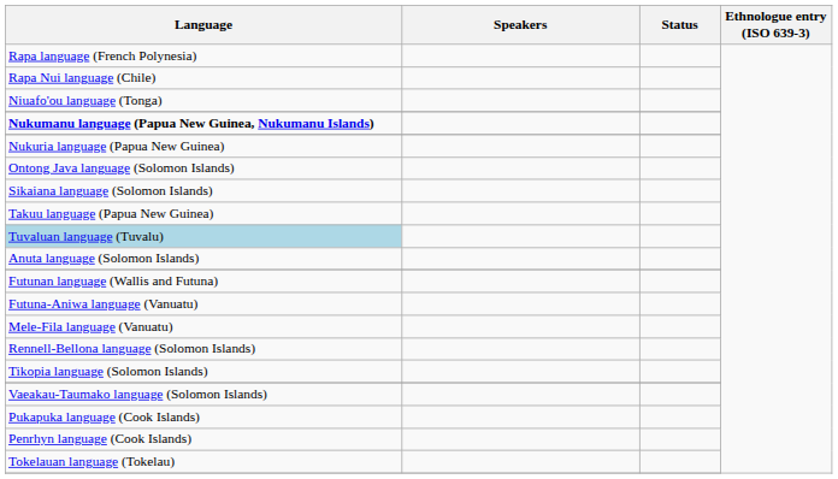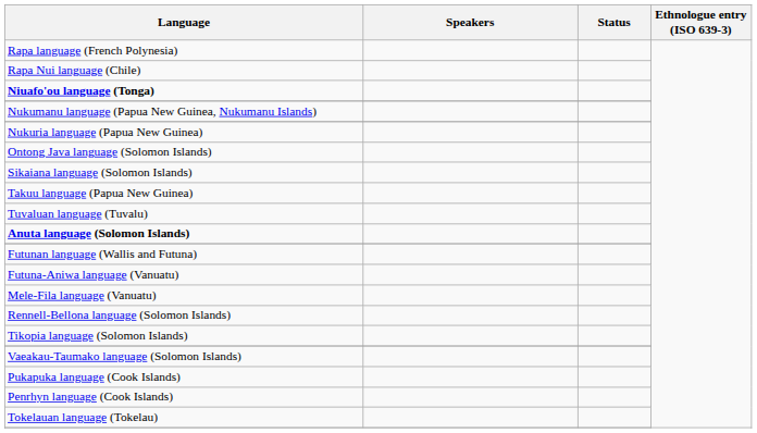 <table class="wikitable" align="center" style="font-size:90%">
 <tr>
 <th width="25%">Language</th>
 <th width="15%">Speakers</th>
 <th width="5%">Status</th>
 <th width="5%">Ethnologue entry<br>(ISO 639-3)</th>
 </tr>
 <tr>
 <td> <a href='#'>Rapa language</a> (French Polynesia)</td>
 <td> </td>
 <td> </td>
 </tr>
 <tr>
 <td> <a href='#'>Rapa Nui language</a> (Chile)</td>
 <td> </td>
 <td> </td>
 </tr>
 <tr>
-<td> <a href='#'>Niuafo'ou language</a> (Tonga)</td>
+<td><strong> <a href='#'>Niuafo'ou language</a> (Tonga)</strong></td>
 <td> </td>
 <td> </td>
 </tr>
 <tr>
 </tr>
 <tr>
-<td><strong> <a href='#'>Nukumanu language</a> (Papua New Guinea, <a href='#'>Nukumanu Islands</a>)</strong></td>
+<td> <a href='#'>Nukumanu language</a> (Papua New Guinea, <a href='#'>Nukumanu Islands</a>)</td>
 <td> </td>
 <td> </td>
 </tr>
 <tr>
 </tr>
 <tr>
 <td> <a href='#'>Nukuria language</a> (Papua New Guinea)</td>
 <td> </td>
 <td> </td>
 </tr>
 <tr>
 <td> <a href='#'>Ontong Java language</a> (Solomon Islands)</td>
 <td> </td>
 <td> </td>
 </tr>
 <tr>
 <td> <a href='#'>Sikaiana language</a> (Solomon Islands)</td>
 <td> </td>
 <td> </td>
 </tr>
 <tr>
 <td> <a href='#'>Takuu language</a> (Papua New Guinea)</td>
 <td> </td>
 <td> </td>
 </tr>
 <tr>
-<td style="background: lightblue;"> <a href='#'>Tuvaluan language</a> (Tuvalu)</td>
+<td> <a href='#'>Tuvaluan language</a> (Tuvalu)</td>
 <td> </td>
 <td> </td>
 </tr>
 <tr>
-<td> <a href='#'>Anuta language</a> (Solomon Islands)</td>
+<td><strong> <a href='#'>Anuta language</a> (Solomon Islands)</strong></td>
 <td> </td>
 <td> </td>
 </tr>
 <tr>
 </tr>
 <tr>
 <td> <a href='#'>Futunan language</a> (Wallis and Futuna)</td>
 <td> </td>
 <td> </td>
 </tr>
 <tr>
 <td> <a href='#'>Futuna-Aniwa language</a> (Vanuatu)</td>
 <td> </td>
 <td> </td>
 </tr>
 <tr>
 <td> <a href='#'>Mele-Fila language</a> (Vanuatu)</td>
 <td> </td>
 <td> </td>
 </tr>
 <tr>
 <td> <a href='#'>Rennell-Bellona language</a> (Solomon Islands)</td>
 <td> </td>
 <td> </td>
 </tr>
 <tr>
 <td> <a href='#'>Tikopia language</a> (Solomon Islands)</td>
 <td> </td>
 <td> </td>
 </tr>
 <tr>
 </tr>
 <tr>
 <td> <a href='#'>Vaeakau-Taumako language</a> (Solomon Islands)</td>
 <td> </td>
 <td> </td>
 </tr>
 <tr>
 <td> <a href='#'>Pukapuka language</a> (Cook Islands)</td>
 <td> </td>
 <td> </td>
 </tr>
 <tr>
 <td> <a href='#'>Penrhyn language</a> (Cook Islands)</td>
 <td> </td>
 <td> </td>
 </tr>
 <tr>
 <td> <a href='#'>Tokelauan language</a> (Tokelau)</td>
 <td> </td>
 <td> </td>
 </tr>
 <tr>
 </tr>
 <tr>
 </tr>
 </table>
